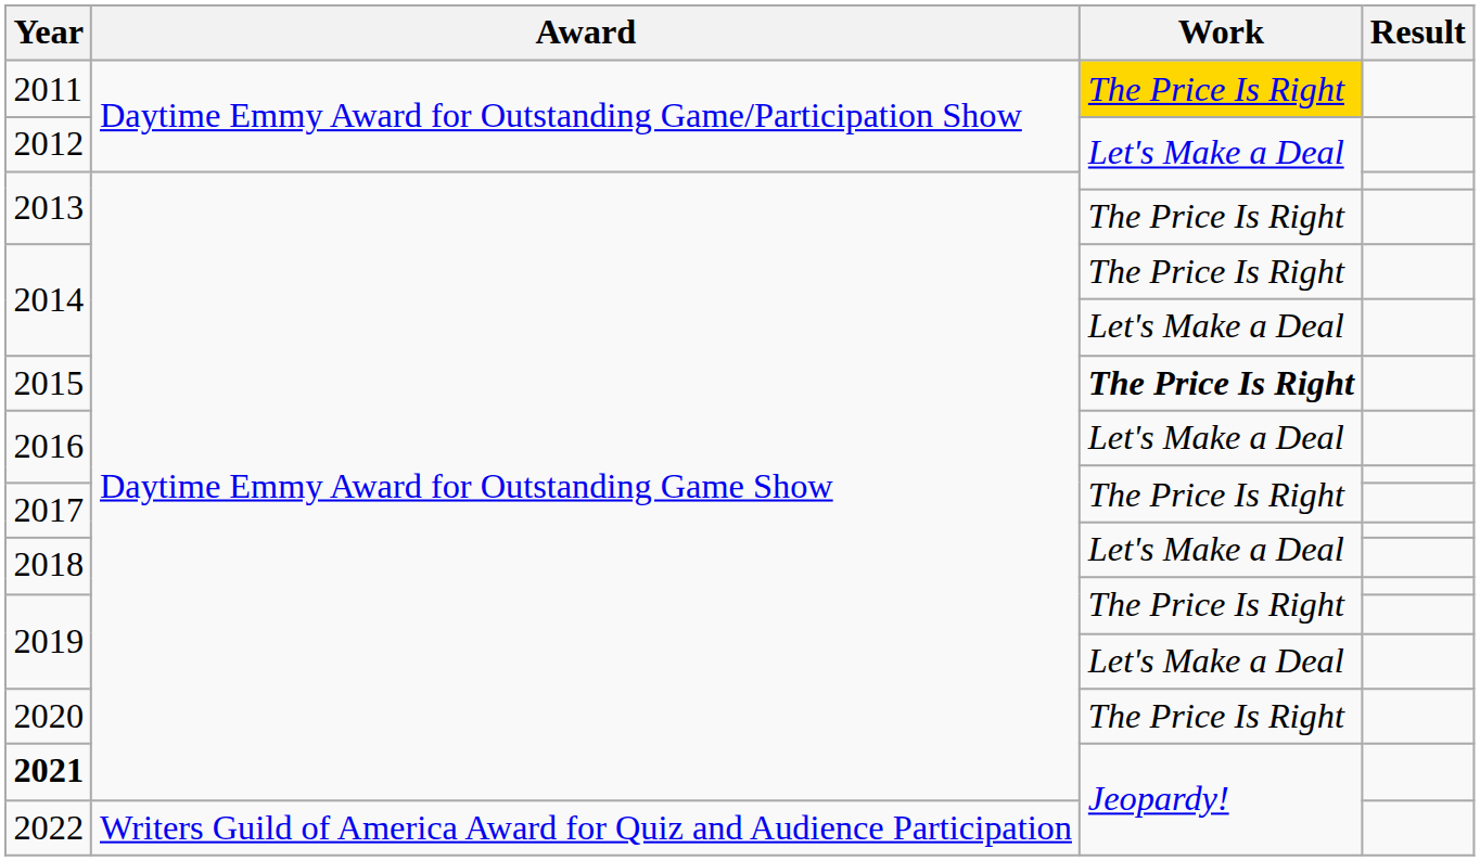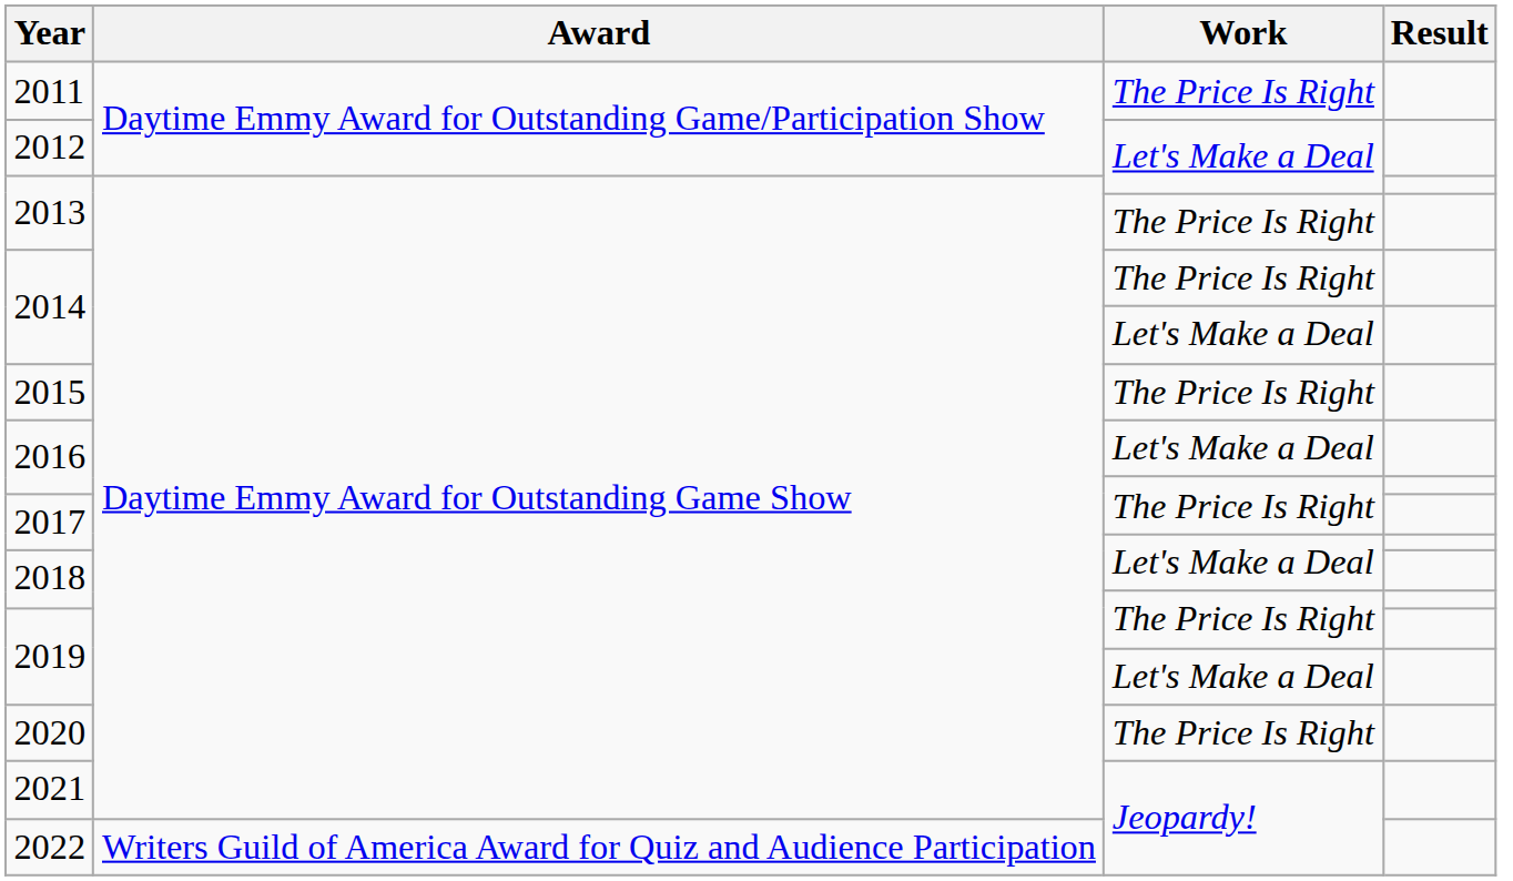 <table class="wikitable sortable">
 <tr>
 <th>Year</th>
 <th>Award</th>
 <th>Work</th>
 <th>Result</th>
 </tr>
 <tr>
 <td>2011</td>
 <td rowspan="2"><a href='#'>Daytime Emmy Award for Outstanding Game/Participation Show</a></td>
-<td style="background: gold;"><em><a href='#'>The Price Is Right</a></em></td>
+<td><em><a href='#'>The Price Is Right</a></em></td>
 <td></td>
 </tr>
 <tr>
 <td>2012</td>
 <td rowspan="2"><em><a href='#'>Let's Make a Deal</a></em></td>
 <td></td>
 </tr>
 <tr>
 <td rowspan="2">2013</td>
 <td rowspan="15"><a href='#'>Daytime Emmy Award for Outstanding Game Show</a></td>
 <td></td>
 </tr>
 <tr>
 <td><em>The Price Is Right</em></td>
 <td></td>
 </tr>
 <tr>
 <td rowspan="2">2014</td>
 <td><em>The Price Is Right</em></td>
 <td></td>
 </tr>
 <tr>
 <td><em>Let's Make a Deal</em></td>
 <td></td>
 </tr>
 <tr>
 <td>2015</td>
-<td><strong><em>The Price Is Right</em></strong></td>
+<td><em>The Price Is Right</em></td>
 <td></td>
 </tr>
 <tr>
 <td rowspan="2">2016</td>
 <td><em>Let's Make a Deal</em></td>
 <td></td>
 </tr>
 <tr>
 <td rowspan="2"><em>The Price Is Right</em></td>
 <td></td>
 </tr>
 <tr>
 <td rowspan="2">2017</td>
 <td></td>
 </tr>
 <tr>
 <td rowspan="2"><em>Let's Make a Deal</em></td>
 <td></td>
 </tr>
 <tr>
 <td rowspan="2">2018</td>
 <td></td>
 </tr>
 <tr>
 <td rowspan="2"><em>The Price Is Right</em></td>
 <td></td>
 </tr>
 <tr>
 <td rowspan="2">2019</td>
 <td></td>
 </tr>
 <tr>
 <td><em>Let's Make a Deal</em></td>
 <td></td>
 </tr>
 <tr>
 <td>2020</td>
 <td><em>The Price Is Right</em></td>
 <td></td>
 </tr>
 <tr>
-<td><strong>2021</strong></td>
+<td>2021</td>
 <td rowspan="2"><em><a href='#'>Jeopardy!</a></em></td>
 <td></td>
 </tr>
 <tr>
 <td>2022</td>
 <td><a href='#'>Writers Guild of America Award for Quiz and Audience Participation</a></td>
 <td></td>
 </tr>
 </table>
